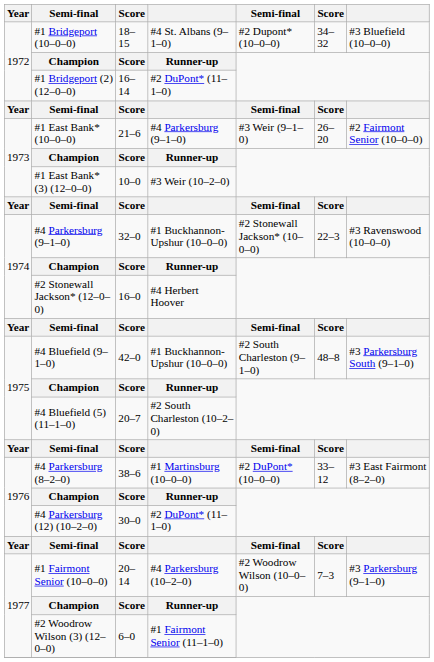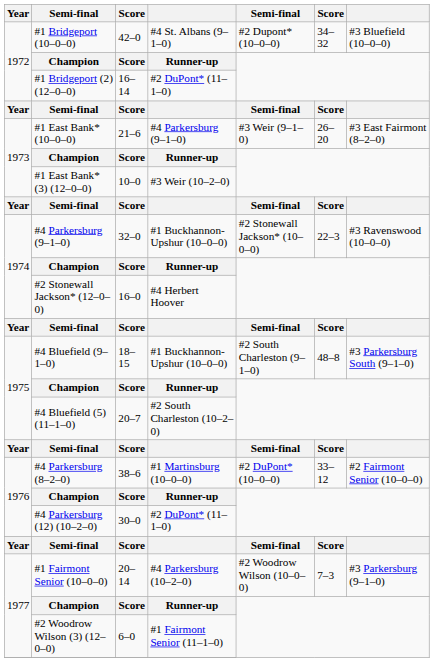 <table class="wikitable">
 <tr>
 <th>Year</th>
 <th>Semi-final</th>
 <th>Score</th>
 <th></th>
 <th>Semi-final</th>
 <th>Score</th>
 <th></th>
 </tr>
 <tr>
 <td rowspan=3 style="text-align: center;">1972</td>
 <td>#1 <a href='#'>Bridgeport</a> (10–0–0)</td>
-<td>18–15</td>
+<td>42–0</td>
 <td>#4 St. Albans (9–1–0)</td>
 <td>#2 Dupont* (10–0–0)</td>
 <td>34–32</td>
 <td>#3 Bluefield (10–0–0)</td>
 </tr>
 <tr>
 <th>Champion</th>
 <th>Score</th>
 <th>Runner-up</th>
 </tr>
 <tr>
 <td>#1 <a href='#'>Bridgeport</a> (2) (12–0–0)</td>
 <td>16–14</td>
 <td>#2 <a href='#'>DuPont*</a> (11–1–0)</td>
 </tr>
 <tr>
 <th>Year</th>
 <th>Semi-final</th>
 <th>Score</th>
 <th></th>
 <th>Semi-final</th>
 <th>Score</th>
 <th></th>
 </tr>
 <tr>
 <td rowspan=3 style="text-align: center;">1973</td>
 <td>#1 East Bank* (10–0–0)</td>
 <td>21–6</td>
 <td>#4 <a href='#'>Parkersburg</a> (9–1–0)</td>
 <td>#3 Weir (9–1–0)</td>
 <td>26–20</td>
-<td>#2 <a href='#'>Fairmont Senior</a> (10–0–0)</td>
+<td>#3 East Fairmont (8–2–0)</td>
 </tr>
 <tr>
 <th>Champion</th>
 <th>Score</th>
 <th>Runner-up</th>
 </tr>
 <tr>
 <td>#1 East Bank* (3) (12–0–0)</td>
 <td>10–0</td>
 <td>#3 Weir (10–2–0)</td>
 </tr>
 <tr>
 <th>Year</th>
 <th>Semi-final</th>
 <th>Score</th>
 <th></th>
 <th>Semi-final</th>
 <th>Score</th>
 <th></th>
 </tr>
 <tr>
 <td rowspan=3 style="text-align: center;">1974</td>
 <td>#4 <a href='#'>Parkersburg</a> (9–1–0)</td>
 <td>32–0</td>
 <td>#1 Buckhannon-Upshur (10–0–0)</td>
 <td>#2 Stonewall Jackson* (10–0–0)</td>
 <td>22–3</td>
 <td>#3 Ravenswood (10–0–0)</td>
 </tr>
 <tr>
 <th>Champion</th>
 <th>Score</th>
 <th>Runner-up</th>
 </tr>
 <tr>
 <td>#2 Stonewall Jackson* (12–0–0)</td>
 <td>16–0</td>
 <td>#4 Herbert Hoover</td>
 </tr>
 <tr>
 <th>Year</th>
 <th>Semi-final</th>
 <th>Score</th>
 <th></th>
 <th>Semi-final</th>
 <th>Score</th>
 <th></th>
 </tr>
 <tr>
 <td rowspan=3 style="text-align: center;">1975</td>
 <td>#4 Bluefield (9–1–0)</td>
-<td>42–0</td>
+<td>18–15</td>
 <td>#1 Buckhannon-Upshur (10–0–0)</td>
 <td>#2 South Charleston (9–1–0)</td>
 <td>48–8</td>
 <td>#3 <a href='#'>Parkersburg South</a> (9–1–0)</td>
 </tr>
 <tr>
 <th>Champion</th>
 <th>Score</th>
 <th>Runner-up</th>
 </tr>
 <tr>
 <td>#4 Bluefield (5) (11–1–0)</td>
 <td>20–7</td>
 <td>#2 South Charleston (10–2–0)</td>
 </tr>
 <tr>
 <th>Year</th>
 <th>Semi-final</th>
 <th>Score</th>
 <th></th>
 <th>Semi-final</th>
 <th>Score</th>
 <th></th>
 </tr>
 <tr>
 <td rowspan=3 style="text-align: center;">1976</td>
 <td>#4 <a href='#'>Parkersburg</a> (8–2–0)</td>
 <td>38–6</td>
 <td>#1 <a href='#'>Martinsburg</a> (10–0–0)</td>
 <td>#2 <a href='#'>DuPont*</a> (10–0–0)</td>
 <td>33–12</td>
-<td>#3 East Fairmont (8–2–0)</td>
+<td>#2 <a href='#'>Fairmont Senior</a> (10–0–0)</td>
 </tr>
 <tr>
 <th>Champion</th>
 <th>Score</th>
 <th>Runner-up</th>
 </tr>
 <tr>
 <td>#4 <a href='#'>Parkersburg</a> (12) (10–2–0)</td>
 <td>30–0</td>
 <td>#2 <a href='#'>DuPont*</a> (11–1–0)</td>
 </tr>
 <tr>
 <th>Year</th>
 <th>Semi-final</th>
 <th>Score</th>
 <th></th>
 <th>Semi-final</th>
 <th>Score</th>
 <th></th>
 </tr>
 <tr>
 <td rowspan=3 style="text-align: center;">1977</td>
 <td>#1 <a href='#'>Fairmont Senior</a> (10–0–0)</td>
 <td>20–14</td>
 <td>#4 <a href='#'>Parkersburg</a> (10–2–0)</td>
 <td>#2 Woodrow Wilson (10–0–0)</td>
 <td>7–3</td>
 <td>#3 <a href='#'>Parkersburg</a> (9–1–0)</td>
 </tr>
 <tr>
 <th>Champion</th>
 <th>Score</th>
 <th>Runner-up</th>
 </tr>
 <tr>
 <td>#2 Woodrow Wilson (3) (12–0–0)</td>
 <td>6–0</td>
 <td>#1 <a href='#'>Fairmont Senior</a> (11–1–0)</td>
 </tr>
 <tr>
 </tr>
 </table>
